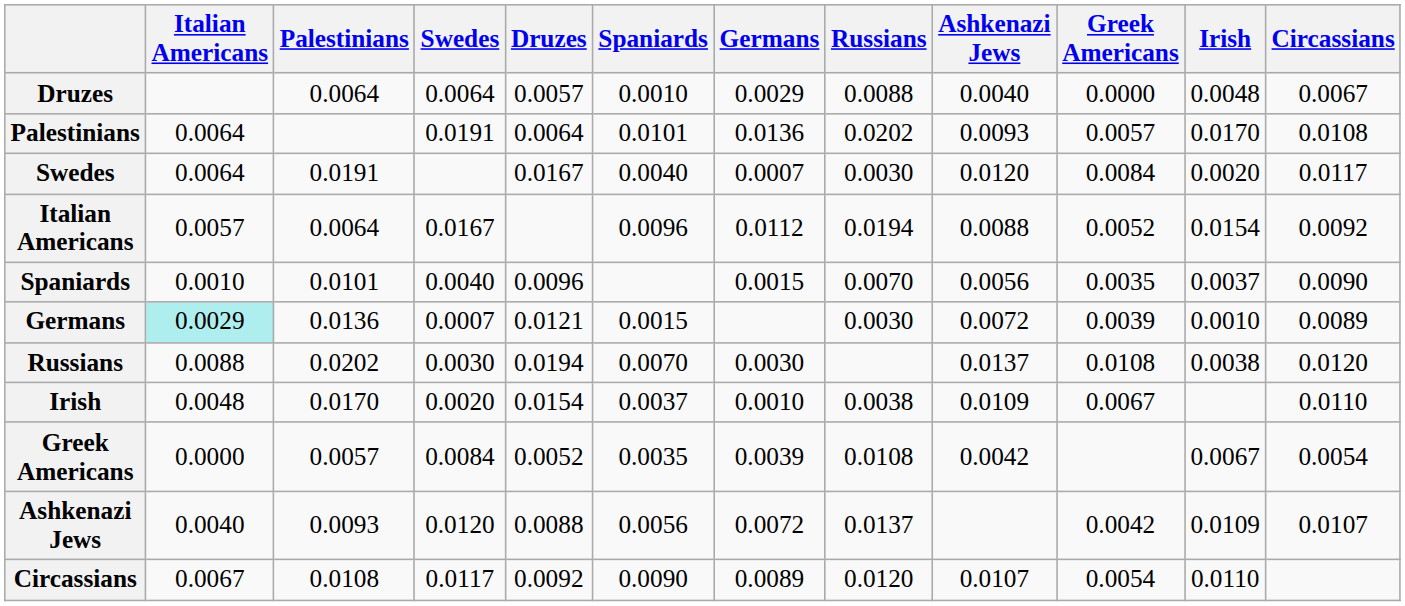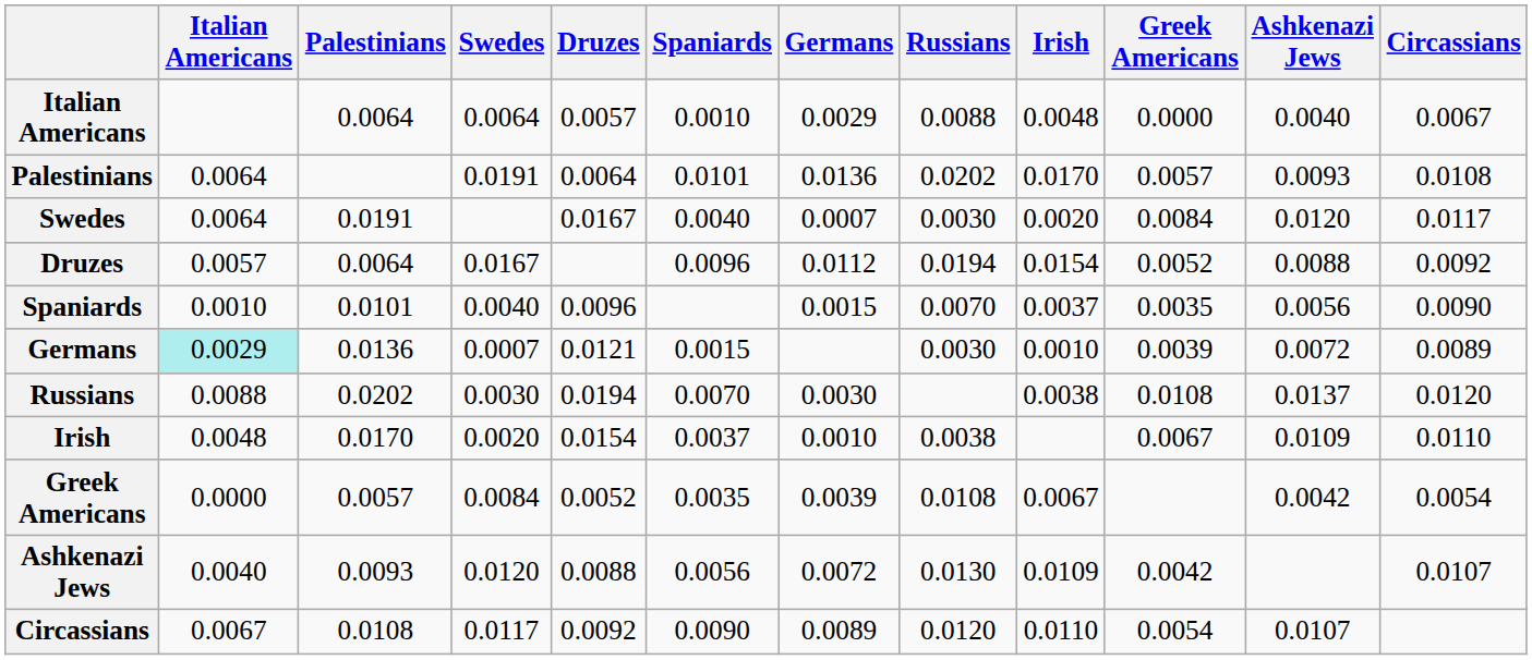 <table class="wikitable" style="text-align:center; width:80%;">
 <tr>
 <th scope=col></th>
 <th scope=col><a href='#'>Italian Americans</a></th>
 <th scope=col><a href='#'>Palestinians</a></th>
 <th scope=col><a href='#'>Swedes</a></th>
 <th scope=col><a href='#'>Druzes</a></th>
 <th scope=col><a href='#'>Spaniards</a></th>
 <th scope=col><a href='#'>Germans</a></th>
 <th scope=col><a href='#'>Russians</a></th>
+<th scope=col><a href='#'>Irish</a></th>
+<th scope=col><a href='#'>Greek Americans</a></th>
 <th scope=col><a href='#'>Ashkenazi Jews</a></th>
-<th scope=col><a href='#'>Greek Americans</a></th>
-<th scope=col><a href='#'>Irish</a></th>
 <th scope=col><a href='#'>Circassians</a></th>
 </tr>
 <tr>
-<th scope=row>Druzes</th>
+<th scope=row>Italian Americans</th>
 <td></td>
 <td>0.0064</td>
 <td>0.0064</td>
 <td>0.0057</td>
 <td>0.0010</td>
 <td>0.0029</td>
 <td>0.0088</td>
+<td>0.0048</td>
+<td>0.0000</td>
 <td>0.0040</td>
-<td>0.0000</td>
-<td>0.0048</td>
 <td>0.0067</td>
 </tr>
 <tr>
 <th scope=row>Palestinians</th>
 <td>0.0064</td>
 <td></td>
 <td>0.0191</td>
 <td>0.0064</td>
 <td>0.0101</td>
 <td>0.0136</td>
 <td>0.0202</td>
+<td>0.0170</td>
+<td>0.0057</td>
 <td>0.0093</td>
-<td>0.0057</td>
-<td>0.0170</td>
 <td>0.0108</td>
 </tr>
 <tr>
 <th scope=row>Swedes</th>
 <td>0.0064</td>
 <td>0.0191</td>
 <td></td>
 <td>0.0167</td>
 <td>0.0040</td>
 <td>0.0007</td>
 <td>0.0030</td>
+<td>0.0020</td>
+<td>0.0084</td>
 <td>0.0120</td>
-<td>0.0084</td>
-<td>0.0020</td>
 <td>0.0117</td>
 </tr>
 <tr>
-<th scope=row>Italian Americans</th>
+<th scope=row>Druzes</th>
 <td>0.0057</td>
 <td>0.0064</td>
 <td>0.0167</td>
 <td></td>
 <td>0.0096</td>
 <td>0.0112</td>
 <td>0.0194</td>
+<td>0.0154</td>
+<td>0.0052</td>
 <td>0.0088</td>
-<td>0.0052</td>
-<td>0.0154</td>
 <td>0.0092</td>
 </tr>
 <tr>
 <th scope=row>Spaniards</th>
 <td>0.0010</td>
 <td>0.0101</td>
 <td>0.0040</td>
 <td>0.0096</td>
 <td></td>
 <td>0.0015</td>
 <td>0.0070</td>
+<td>0.0037</td>
+<td>0.0035</td>
 <td>0.0056</td>
-<td>0.0035</td>
-<td>0.0037</td>
 <td>0.0090</td>
 </tr>
 <tr>
 <th scope=row>Germans</th>
 <td style="background: paleturquoise;">0.0029</td>
 <td>0.0136</td>
 <td>0.0007</td>
 <td>0.0121</td>
 <td>0.0015</td>
 <td></td>
 <td>0.0030</td>
+<td>0.0010</td>
+<td>0.0039</td>
 <td>0.0072</td>
-<td>0.0039</td>
-<td>0.0010</td>
 <td>0.0089</td>
 </tr>
 <tr>
 <th scope=row>Russians</th>
 <td>0.0088</td>
 <td>0.0202</td>
 <td>0.0030</td>
 <td>0.0194</td>
 <td>0.0070</td>
 <td>0.0030</td>
 <td></td>
+<td>0.0038</td>
+<td>0.0108</td>
 <td>0.0137</td>
-<td>0.0108</td>
-<td>0.0038</td>
 <td>0.0120</td>
 </tr>
 <tr>
 <th scope=row>Irish</th>
 <td>0.0048</td>
 <td>0.0170</td>
 <td>0.0020</td>
 <td>0.0154</td>
 <td>0.0037</td>
 <td>0.0010</td>
 <td>0.0038</td>
+<td></td>
+<td>0.0067</td>
 <td>0.0109</td>
-<td>0.0067</td>
-<td></td>
 <td>0.0110</td>
 </tr>
 <tr>
 <th scope=row>Greek Americans</th>
 <td>0.0000</td>
 <td>0.0057</td>
 <td>0.0084</td>
 <td>0.0052</td>
 <td>0.0035</td>
 <td>0.0039</td>
 <td>0.0108</td>
+<td>0.0067</td>
+<td></td>
 <td>0.0042</td>
-<td></td>
-<td>0.0067</td>
 <td>0.0054</td>
 </tr>
 <tr>
 <th scope=row>Ashkenazi Jews</th>
 <td>0.0040</td>
 <td>0.0093</td>
 <td>0.0120</td>
 <td>0.0088</td>
 <td>0.0056</td>
 <td>0.0072</td>
-<td>0.0137</td>
+<td>0.0130</td>
+<td>0.0109</td>
+<td>0.0042</td>
 <td></td>
-<td>0.0042</td>
-<td>0.0109</td>
 <td>0.0107</td>
 </tr>
 <tr>
 <th scope=row>Circassians</th>
 <td>0.0067</td>
 <td>0.0108</td>
 <td>0.0117</td>
 <td>0.0092</td>
 <td>0.0090</td>
 <td>0.0089</td>
 <td>0.0120</td>
+<td>0.0110</td>
+<td>0.0054</td>
 <td>0.0107</td>
-<td>0.0054</td>
-<td>0.0110</td>
 <td></td>
 </tr>
 </table>
